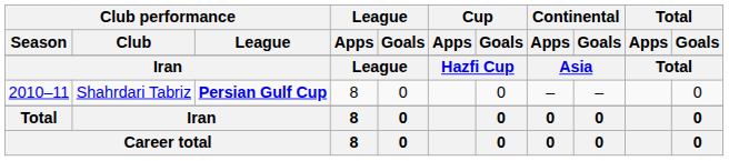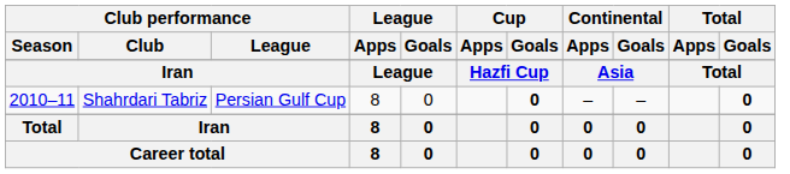 <table class="wikitable" style="text-align:center">
 <tr>
 <th colspan=3>Club performance</th>
 <th colspan=2>League</th>
 <th colspan=2>Cup</th>
 <th colspan=2>Continental</th>
 <th colspan=2>Total</th>
 </tr>
 <tr>
 <th>Season</th>
 <th>Club</th>
 <th>League</th>
 <th>Apps</th>
 <th>Goals</th>
 <th>Apps</th>
 <th>Goals</th>
 <th>Apps</th>
 <th>Goals</th>
 <th>Apps</th>
 <th>Goals</th>
 </tr>
 <tr>
 </tr>
 <tr>
 <th colspan=3>Iran</th>
 <th colspan=2>League</th>
 <th colspan=2><a href='#'>Hazfi Cup</a></th>
 <th colspan=2><a href='#'>Asia</a></th>
 <th colspan=2>Total</th>
 </tr>
 <tr>
 <td><a href='#'>2010–11</a></td>
 <td rowspan="1"><a href='#'>Shahrdari Tabriz</a></td>
-<td rowspan="1"><strong><a href='#'>Persian Gulf Cup</a></strong></td>
+<td rowspan="1"><a href='#'>Persian Gulf Cup</a></td>
 <td>8</td>
 <td>0</td>
 <td></td>
-<td>0</td>
+<td><strong>0</strong></td>
 <td>–</td>
 <td>–</td>
 <td></td>
-<td>0</td>
+<td><strong>0</strong></td>
 </tr>
 <tr>
 </tr>
 <tr>
 <th rowspan=1>Total</th>
 <th colspan=2>Iran</th>
 <th>8</th>
 <th>0</th>
 <th></th>
 <th>0</th>
 <th>0</th>
 <th>0</th>
 <th></th>
 <th>0</th>
 </tr>
 <tr>
 <th colspan=3>Career total</th>
 <th>8</th>
 <th>0</th>
 <th></th>
 <th>0</th>
 <th>0</th>
 <th>0</th>
 <th></th>
 <th>0</th>
 </tr>
 </table>
